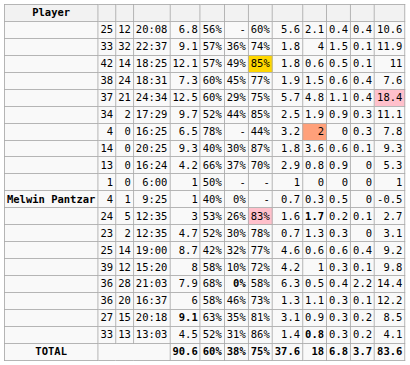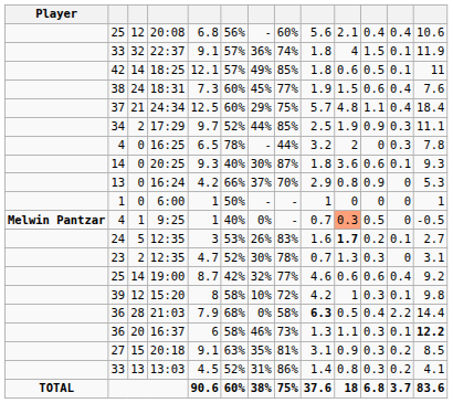 <table class="wikitable sortable" style="font-size:95%; text-align:right">
 <tr>
 <th>Player</th>
 <th></th>
 <th></th>
 <th></th>
 <th></th>
 <th></th>
 <th></th>
 <th></th>
 <th></th>
 <th></th>
 <th></th>
 <th></th>
 <th></th>
 </tr>
 <tr>
 <td><strong></strong></td>
 <td>25</td>
 <td>12</td>
 <td>20:08</td>
 <td>6.8</td>
 <td>56%</td>
 <td>-</td>
 <td>60%</td>
 <td>5.6</td>
 <td>2.1</td>
 <td>0.4</td>
 <td>0.4</td>
 <td>10.6</td>
 </tr>
 <tr>
 <td><strong></strong></td>
 <td>33</td>
 <td>32</td>
 <td>22:37</td>
 <td>9.1</td>
 <td>57%</td>
 <td>36%</td>
 <td>74%</td>
 <td>1.8</td>
 <td>4</td>
 <td>1.5</td>
 <td>0.1</td>
 <td>11.9</td>
 </tr>
 <tr>
 <td><strong></strong></td>
 <td>42</td>
 <td>14</td>
 <td>18:25</td>
 <td>12.1</td>
 <td>57%</td>
 <td>49%</td>
-<td style="background: gold;">85%</td>
+<td>85%</td>
 <td>1.8</td>
 <td>0.6</td>
 <td>0.5</td>
 <td>0.1</td>
 <td>11</td>
 </tr>
 <tr>
 <td><strong></strong></td>
 <td>38</td>
 <td>24</td>
 <td>18:31</td>
 <td>7.3</td>
 <td>60%</td>
 <td>45%</td>
 <td>77%</td>
 <td>1.9</td>
 <td>1.5</td>
 <td>0.6</td>
 <td>0.4</td>
 <td>7.6</td>
 </tr>
 <tr>
 <td><strong></strong></td>
 <td>37</td>
 <td>21</td>
 <td>24:34</td>
 <td>12.5</td>
 <td>60%</td>
 <td>29%</td>
 <td>75%</td>
 <td>5.7</td>
 <td>4.8</td>
 <td>1.1</td>
 <td>0.4</td>
-<td style="background: pink;">18.4</td>
+<td>18.4</td>
 </tr>
 <tr>
 <td><strong></strong></td>
 <td>34</td>
 <td>2</td>
 <td>17:29</td>
 <td>9.7</td>
 <td>52%</td>
 <td>44%</td>
 <td>85%</td>
 <td>2.5</td>
 <td>1.9</td>
 <td>0.9</td>
 <td>0.3</td>
 <td>11.1</td>
 </tr>
 <tr>
 <td><strong></strong></td>
 <td>4</td>
 <td>0</td>
 <td>16:25</td>
 <td>6.5</td>
 <td>78%</td>
 <td>-</td>
 <td>44%</td>
 <td>3.2</td>
-<td style="background: lightsalmon;">2</td>
+<td>2</td>
 <td>0</td>
 <td>0.3</td>
 <td>7.8</td>
 </tr>
 <tr>
 <td><strong></strong></td>
 <td>14</td>
 <td>0</td>
 <td>20:25</td>
 <td>9.3</td>
 <td>40%</td>
 <td>30%</td>
 <td>87%</td>
 <td>1.8</td>
 <td>3.6</td>
 <td>0.6</td>
 <td>0.1</td>
 <td>9.3</td>
 </tr>
 <tr>
 <td><strong></strong></td>
 <td>13</td>
 <td>0</td>
 <td>16:24</td>
 <td>4.2</td>
 <td>66%</td>
 <td>37%</td>
 <td>70%</td>
 <td>2.9</td>
 <td>0.8</td>
 <td>0.9</td>
 <td>0</td>
 <td>5.3</td>
 </tr>
 <tr>
 <td><strong></strong></td>
 <td>1</td>
 <td>0</td>
 <td>6:00</td>
 <td>1</td>
 <td>50%</td>
 <td>-</td>
 <td>-</td>
 <td>1</td>
 <td>0</td>
 <td>0</td>
 <td>0</td>
 <td>1</td>
 </tr>
 <tr>
 <td><strong>Melwin Pantzar</strong></td>
 <td>4</td>
 <td>1</td>
 <td>9:25</td>
 <td>1</td>
 <td>40%</td>
 <td>0%</td>
 <td>-</td>
 <td>0.7</td>
-<td>0.3</td>
+<td style="background: lightsalmon;">0.3</td>
 <td>0.5</td>
 <td>0</td>
 <td>-0.5</td>
 </tr>
 <tr>
 <td><strong></strong></td>
 <td>24</td>
 <td>5</td>
 <td>12:35</td>
 <td>3</td>
 <td>53%</td>
 <td>26%</td>
-<td style="background: pink;">83%</td>
+<td>83%</td>
 <td>1.6</td>
 <td><strong>1.7</strong></td>
 <td>0.2</td>
 <td>0.1</td>
 <td>2.7</td>
 </tr>
 <tr>
 <td><strong></strong></td>
 <td>23</td>
 <td>2</td>
 <td>12:35</td>
 <td>4.7</td>
 <td>52%</td>
 <td>30%</td>
 <td>78%</td>
 <td>0.7</td>
 <td>1.3</td>
 <td>0.3</td>
 <td>0</td>
 <td>3.1</td>
 </tr>
 <tr>
 <td><strong></strong></td>
 <td>25</td>
 <td>14</td>
 <td>19:00</td>
 <td>8.7</td>
 <td>42%</td>
 <td>32%</td>
 <td>77%</td>
 <td>4.6</td>
 <td>0.6</td>
 <td>0.6</td>
 <td>0.4</td>
 <td>9.2</td>
 </tr>
 <tr>
 <td><strong></strong></td>
 <td>39</td>
 <td>12</td>
 <td>15:20</td>
 <td>8</td>
 <td>58%</td>
 <td>10%</td>
 <td>72%</td>
 <td>4.2</td>
 <td>1</td>
 <td>0.3</td>
 <td>0.1</td>
 <td>9.8</td>
 </tr>
 <tr>
 <td><strong></strong></td>
 <td>36</td>
 <td>28</td>
 <td>21:03</td>
 <td>7.9</td>
 <td>68%</td>
-<td><strong>0%</strong></td>
+<td>0%</td>
 <td>58%</td>
-<td>6.3</td>
+<td><strong>6.3</strong></td>
 <td>0.5</td>
 <td>0.4</td>
 <td>2.2</td>
 <td>14.4</td>
 </tr>
 <tr>
 <td><strong></strong></td>
 <td>36</td>
 <td>20</td>
 <td>16:37</td>
 <td>6</td>
 <td>58%</td>
 <td>46%</td>
 <td>73%</td>
 <td>1.3</td>
 <td>1.1</td>
 <td>0.3</td>
 <td>0.1</td>
-<td>12.2</td>
+<td><strong>12.2</strong></td>
 </tr>
 <tr>
 <td><strong></strong></td>
 <td>27</td>
 <td>15</td>
 <td>20:18</td>
-<td><strong>9.1</strong></td>
+<td>9.1</td>
 <td>63%</td>
 <td>35%</td>
 <td>81%</td>
 <td>3.1</td>
 <td>0.9</td>
 <td>0.3</td>
 <td>0.2</td>
 <td>8.5</td>
 </tr>
 <tr>
 <td><strong></strong></td>
 <td>33</td>
 <td>13</td>
 <td>13:03</td>
 <td>4.5</td>
 <td>52%</td>
 <td>31%</td>
 <td>86%</td>
 <td>1.4</td>
-<td><strong>0.8</strong></td>
+<td>0.8</td>
 <td>0.3</td>
 <td>0.2</td>
 <td>4.1</td>
 </tr>
 <tr>
 <td align=center><strong>TOTAL</strong></td>
 <td colspan=3></td>
 <td><strong>90.6</strong></td>
 <td><strong>60%</strong></td>
 <td><strong>38%</strong></td>
 <td><strong>75%</strong></td>
 <td><strong>37.6</strong></td>
 <td><strong>18</strong></td>
 <td><strong>6.8</strong></td>
 <td><strong>3.7</strong></td>
 <td><strong>83.6</strong></td>
 </tr>
 </table>
